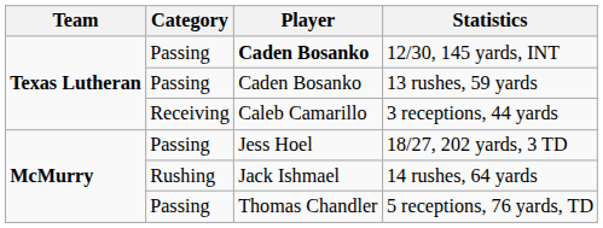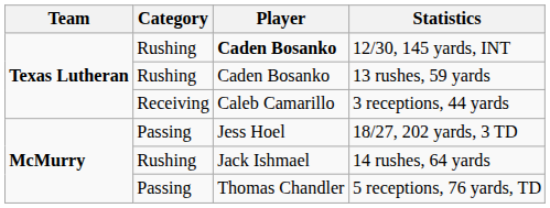 <table class="wikitable" style="float: left;">
 <tr>
 <th>Team</th>
 <th>Category</th>
 <th>Player</th>
 <th>Statistics</th>
 </tr>
 <tr>
 <td rowspan=3><strong>Texas Lutheran</strong></td>
-<td>Passing</td>
+<td>Rushing</td>
 <td><strong>Caden Bosanko</strong></td>
 <td>12/30, 145 yards, INT</td>
 </tr>
 <tr>
-<td>Passing</td>
+<td>Rushing</td>
 <td>Caden Bosanko</td>
 <td>13 rushes, 59 yards</td>
 </tr>
 <tr>
 <td>Receiving</td>
 <td>Caleb Camarillo</td>
 <td>3 receptions, 44 yards</td>
 </tr>
 <tr>
 <td rowspan=3><strong>McMurry</strong></td>
 <td>Passing</td>
 <td>Jess Hoel</td>
 <td>18/27, 202 yards, 3 TD</td>
 </tr>
 <tr>
 <td>Rushing</td>
 <td>Jack Ishmael</td>
 <td>14 rushes, 64 yards</td>
 </tr>
 <tr>
 <td>Passing</td>
 <td>Thomas Chandler</td>
 <td>5 receptions, 76 yards, TD</td>
 </tr>
 </table>
